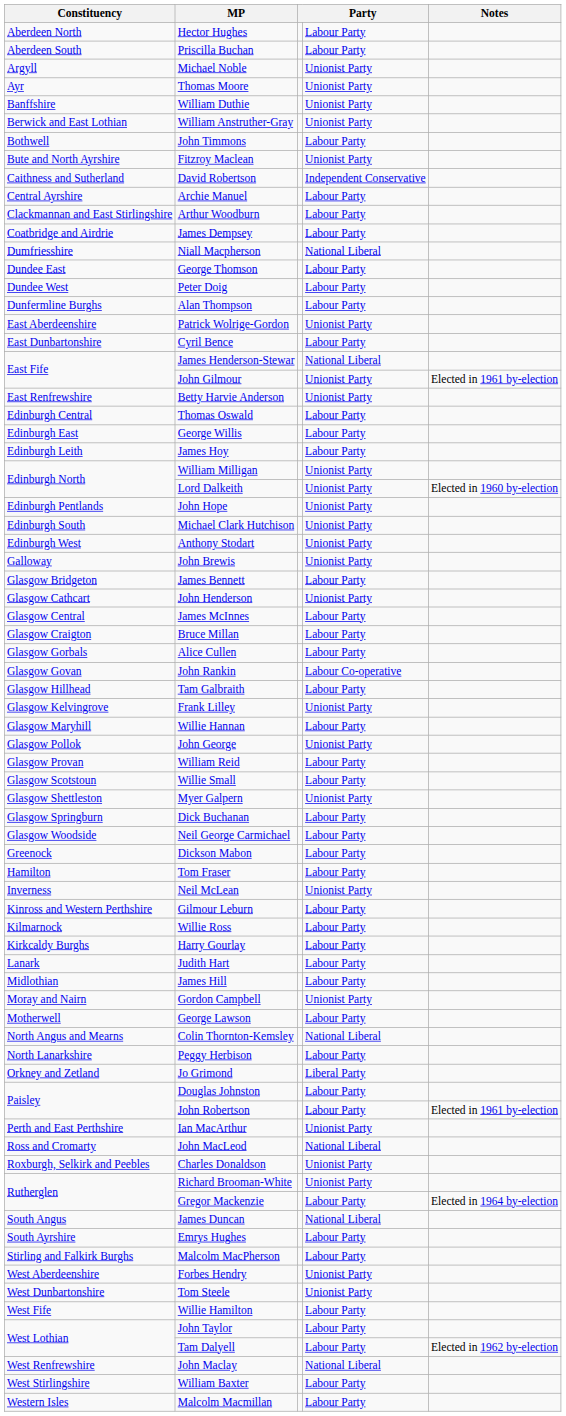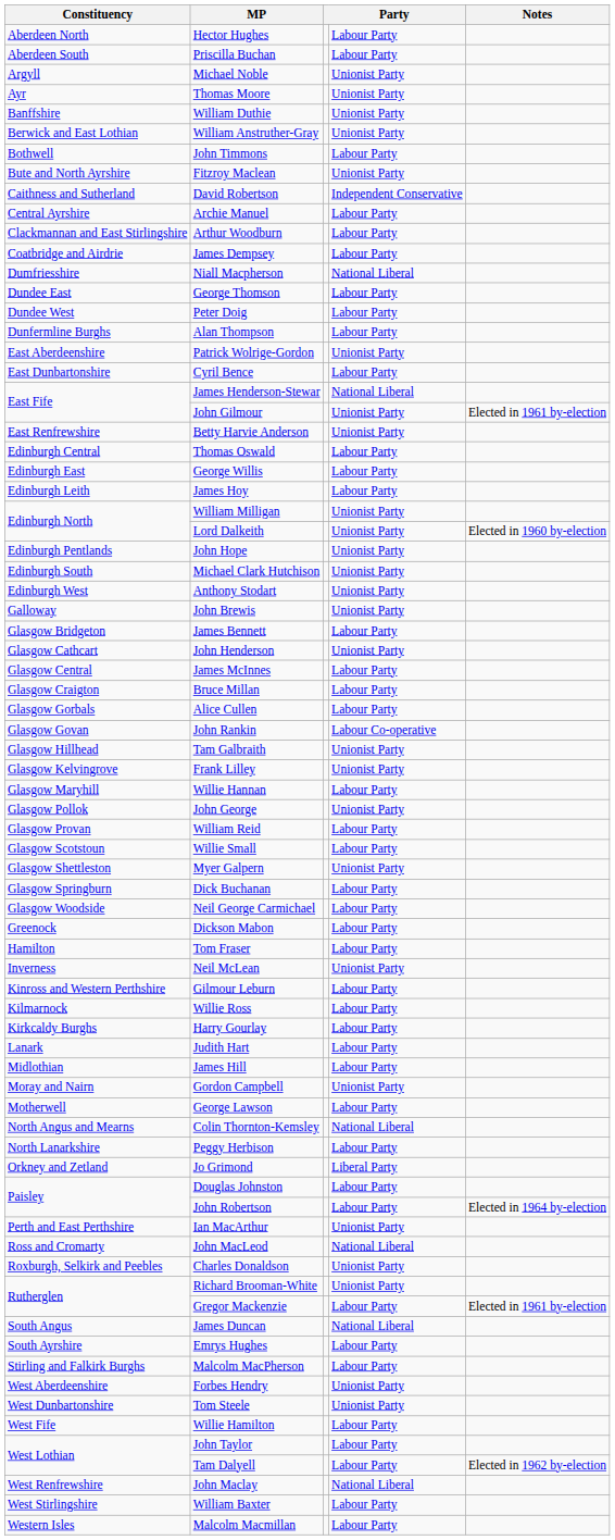 <table class="wikitable sortable">
 <tr>
 <th>Constituency</th>
 <th>MP</th>
 <th colspan="2">Party</th>
 <th>Notes</th>
 </tr>
 <tr>
 <td><a href='#'>Aberdeen North</a></td>
 <td><a href='#'>Hector Hughes</a></td>
 <td style="color:inherit;background:"></td>
 <td><a href='#'>Labour Party</a></td>
 <td></td>
 </tr>
 <tr>
 <td><a href='#'>Aberdeen South</a></td>
 <td><a href='#'>Priscilla Buchan</a></td>
 <td style="color:inherit;background-color: "></td>
 <td><a href='#'>Labour Party</a></td>
 <td></td>
 </tr>
 <tr>
 <td><a href='#'>Argyll</a></td>
 <td><a href='#'>Michael Noble</a></td>
 <td style="color:inherit;background-color: "></td>
 <td><a href='#'>Unionist Party</a></td>
 <td></td>
 </tr>
 <tr>
 <td><a href='#'>Ayr</a></td>
 <td><a href='#'>Thomas Moore</a></td>
 <td style="color:inherit;background-color: "></td>
 <td><a href='#'>Unionist Party</a></td>
 <td></td>
 </tr>
 <tr>
 <td><a href='#'>Banffshire</a></td>
 <td><a href='#'>William Duthie</a></td>
 <td style="color:inherit;background-color: "></td>
 <td><a href='#'>Unionist Party</a></td>
 <td></td>
 </tr>
 <tr>
 <td><a href='#'>Berwick and East Lothian</a></td>
 <td><a href='#'>William Anstruther-Gray</a></td>
 <td style="color:inherit;background-color: "></td>
 <td><a href='#'>Unionist Party</a></td>
 <td></td>
 </tr>
 <tr>
 <td><a href='#'>Bothwell</a></td>
 <td><a href='#'>John Timmons</a></td>
 <td style="color:inherit;background:"></td>
 <td><a href='#'>Labour Party</a></td>
 <td></td>
 </tr>
 <tr>
 <td><a href='#'>Bute and North Ayrshire</a></td>
 <td><a href='#'>Fitzroy Maclean</a></td>
 <td style="color:inherit;background-color: "></td>
 <td><a href='#'>Unionist Party</a></td>
 <td></td>
 </tr>
 <tr>
 <td><a href='#'>Caithness and Sutherland</a></td>
 <td><a href='#'>David Robertson</a></td>
 <td style="color:inherit;background-color: "></td>
 <td><a href='#'>Independent Conservative</a></td>
 <td></td>
 </tr>
 <tr>
 <td><a href='#'>Central Ayrshire</a></td>
 <td><a href='#'>Archie Manuel</a></td>
 <td style="color:inherit;background:"></td>
 <td><a href='#'>Labour Party</a></td>
 <td></td>
 </tr>
 <tr>
 <td><a href='#'>Clackmannan and East Stirlingshire</a></td>
 <td><a href='#'>Arthur Woodburn</a></td>
 <td style="color:inherit;background:"></td>
 <td><a href='#'>Labour Party</a></td>
 <td></td>
 </tr>
 <tr>
 <td><a href='#'>Coatbridge and Airdrie</a></td>
 <td><a href='#'>James Dempsey</a></td>
 <td style="color:inherit;background:"></td>
 <td><a href='#'>Labour Party</a></td>
 <td></td>
 </tr>
 <tr>
 <td><a href='#'>Dumfriesshire</a></td>
 <td><a href='#'>Niall Macpherson</a></td>
 <td style="color:inherit;background-color: "></td>
 <td><a href='#'>National Liberal</a></td>
 </tr>
 <tr>
 <td><a href='#'>Dundee East</a></td>
 <td><a href='#'>George Thomson</a></td>
 <td style="color:inherit;background:"></td>
 <td><a href='#'>Labour Party</a></td>
 <td></td>
 </tr>
 <tr>
 <td><a href='#'>Dundee West</a></td>
 <td><a href='#'>Peter Doig</a></td>
 <td style="color:inherit;background:"></td>
 <td><a href='#'>Labour Party</a></td>
 <td></td>
 </tr>
 <tr>
 <td><a href='#'>Dunfermline Burghs</a></td>
 <td><a href='#'>Alan Thompson</a></td>
 <td style="color:inherit;background:"></td>
 <td><a href='#'>Labour Party</a></td>
 <td></td>
 </tr>
 <tr>
 <td><a href='#'>East Aberdeenshire</a></td>
 <td><a href='#'>Patrick Wolrige-Gordon</a></td>
 <td style="color:inherit;background-color: "></td>
 <td><a href='#'>Unionist Party</a></td>
 </tr>
 <tr>
 <td><a href='#'>East Dunbartonshire</a></td>
 <td><a href='#'>Cyril Bence</a></td>
 <td style="color:inherit;background:"></td>
 <td><a href='#'>Labour Party</a></td>
 <td></td>
 </tr>
 <tr>
 <td rowspan="2"><a href='#'>East Fife</a></td>
 <td><a href='#'>James Henderson-Stewar</a></td>
 <td style="color:inherit;background-color: "></td>
 <td><a href='#'>National Liberal</a></td>
 <td></td>
 </tr>
 <tr>
 <td><a href='#'>John Gilmour</a></td>
 <td style="color:inherit;background-color: "></td>
 <td><a href='#'>Unionist Party</a></td>
 <td>Elected in <a href='#'>1961 by-election</a></td>
 </tr>
 <tr>
 <td><a href='#'>East Renfrewshire</a></td>
 <td><a href='#'>Betty Harvie Anderson</a></td>
 <td style="color:inherit;background-color: "></td>
 <td><a href='#'>Unionist Party</a></td>
 <td></td>
 </tr>
 <tr>
 <td><a href='#'>Edinburgh Central</a></td>
 <td><a href='#'>Thomas Oswald</a></td>
 <td style="color:inherit;background:"></td>
 <td><a href='#'>Labour Party</a></td>
 <td></td>
 </tr>
 <tr>
 <td><a href='#'>Edinburgh East</a></td>
 <td><a href='#'>George Willis</a></td>
 <td style="color:inherit;background:"></td>
 <td><a href='#'>Labour Party</a></td>
 <td></td>
 </tr>
 <tr>
 <td><a href='#'>Edinburgh Leith</a></td>
 <td><a href='#'>James Hoy</a></td>
 <td style="color:inherit;background:"></td>
 <td><a href='#'>Labour Party</a></td>
 <td></td>
 </tr>
 <tr>
 <td rowspan="2"><a href='#'>Edinburgh North</a></td>
 <td><a href='#'>William Milligan</a></td>
 <td style="color:inherit;background-color: "></td>
 <td><a href='#'>Unionist Party</a></td>
 <td></td>
 </tr>
 <tr>
 <td><a href='#'>Lord Dalkeith</a></td>
 <td style="color:inherit;background-color: "></td>
 <td><a href='#'>Unionist Party</a></td>
 <td>Elected in <a href='#'>1960 by-election</a></td>
 </tr>
 <tr>
 <td><a href='#'>Edinburgh Pentlands</a></td>
 <td><a href='#'>John Hope</a></td>
 <td style="color:inherit;background-color: "></td>
 <td><a href='#'>Unionist Party</a></td>
 <td></td>
 </tr>
 <tr>
 <td><a href='#'>Edinburgh South</a></td>
 <td><a href='#'>Michael Clark Hutchison</a></td>
 <td style="color:inherit;background-color: "></td>
 <td><a href='#'>Unionist Party</a></td>
 <td></td>
 </tr>
 <tr>
 <td><a href='#'>Edinburgh West</a></td>
 <td><a href='#'>Anthony Stodart</a></td>
 <td style="color:inherit;background-color: "></td>
 <td><a href='#'>Unionist Party</a></td>
 <td></td>
 </tr>
 <tr>
 <td><a href='#'>Galloway</a></td>
 <td><a href='#'>John Brewis</a></td>
 <td style="color:inherit;background-color: "></td>
 <td><a href='#'>Unionist Party</a></td>
 <td></td>
 </tr>
 <tr>
 <td><a href='#'>Glasgow Bridgeton</a></td>
 <td><a href='#'>James Bennett</a></td>
 <td style="color:inherit;background:"></td>
 <td><a href='#'>Labour Party</a></td>
 <td></td>
 </tr>
 <tr>
 <td><a href='#'>Glasgow Cathcart</a></td>
 <td><a href='#'>John Henderson</a></td>
 <td style="color:inherit;background-color: "></td>
 <td><a href='#'>Unionist Party</a></td>
 <td></td>
 </tr>
 <tr>
 <td><a href='#'>Glasgow Central</a></td>
 <td><a href='#'>James McInnes</a></td>
 <td style="color:inherit;background:"></td>
 <td><a href='#'>Labour Party</a></td>
 <td></td>
 </tr>
 <tr>
 <td><a href='#'>Glasgow Craigton</a></td>
 <td><a href='#'>Bruce Millan</a></td>
 <td style="color:inherit;background:"></td>
 <td><a href='#'>Labour Party</a></td>
 <td></td>
 </tr>
 <tr>
 <td><a href='#'>Glasgow Gorbals</a></td>
 <td><a href='#'>Alice Cullen</a></td>
 <td style="color:inherit;background:"></td>
 <td><a href='#'>Labour Party</a></td>
 <td></td>
 </tr>
 <tr>
 <td><a href='#'>Glasgow Govan</a></td>
 <td><a href='#'>John Rankin</a></td>
 <td style="color:inherit;background:"></td>
 <td><a href='#'>Labour Co-operative</a></td>
 <td></td>
 </tr>
 <tr>
 <td><a href='#'>Glasgow Hillhead</a></td>
 <td><a href='#'>Tam Galbraith</a></td>
 <td style="color:inherit;background-color: "></td>
-<td><a href='#'>Labour Party</a></td>
+<td><a href='#'>Unionist Party</a></td>
 <td></td>
 </tr>
 <tr>
 <td><a href='#'>Glasgow Kelvingrove</a></td>
 <td><a href='#'>Frank Lilley</a></td>
 <td style="color:inherit;background-color: "></td>
 <td><a href='#'>Unionist Party</a></td>
 <td></td>
 </tr>
 <tr>
 <td><a href='#'>Glasgow Maryhill</a></td>
 <td><a href='#'>Willie Hannan</a></td>
 <td style="color:inherit;background:"></td>
 <td><a href='#'>Labour Party</a></td>
 <td></td>
 </tr>
 <tr>
 <td><a href='#'>Glasgow Pollok</a></td>
 <td><a href='#'>John George</a></td>
 <td style="color:inherit;background-color: "></td>
 <td><a href='#'>Unionist Party</a></td>
 </tr>
 <tr>
 <td><a href='#'>Glasgow Provan</a></td>
 <td><a href='#'>William Reid</a></td>
 <td style="color:inherit;background:"></td>
 <td><a href='#'>Labour Party</a></td>
 <td></td>
 </tr>
 <tr>
 <td><a href='#'>Glasgow Scotstoun</a></td>
 <td><a href='#'>Willie Small</a></td>
 <td style="color:inherit;background:"></td>
 <td><a href='#'>Labour Party</a></td>
 <td></td>
 </tr>
 <tr>
 <td><a href='#'>Glasgow Shettleston</a></td>
 <td><a href='#'>Myer Galpern</a></td>
 <td style="color:inherit;background:"></td>
 <td><a href='#'>Unionist Party</a></td>
 <td></td>
 </tr>
 <tr>
 <td><a href='#'>Glasgow Springburn</a></td>
 <td><a href='#'>Dick Buchanan</a></td>
 <td style="color:inherit;background:"></td>
 <td><a href='#'>Labour Party</a></td>
 <td></td>
 </tr>
 <tr>
 <td><a href='#'>Glasgow Woodside</a></td>
 <td><a href='#'>Neil George Carmichael</a></td>
 <td style="color:inherit;background:"></td>
 <td><a href='#'>Labour Party</a></td>
 <td></td>
 </tr>
 <tr>
 <td><a href='#'>Greenock</a></td>
 <td><a href='#'>Dickson Mabon</a></td>
 <td style="color:inherit;background:"></td>
 <td><a href='#'>Labour Party</a></td>
 <td></td>
 </tr>
 <tr>
 <td><a href='#'>Hamilton</a></td>
 <td><a href='#'>Tom Fraser</a></td>
 <td style="color:inherit;background:"></td>
 <td><a href='#'>Labour Party</a></td>
 <td></td>
 </tr>
 <tr>
 <td><a href='#'>Inverness</a></td>
 <td><a href='#'>Neil McLean</a></td>
 <td style="color:inherit;background-color: "></td>
 <td><a href='#'>Unionist Party</a></td>
 </tr>
 <tr>
 <td><a href='#'>Kinross and Western Perthshire</a></td>
 <td><a href='#'>Gilmour Leburn</a></td>
 <td style="color:inherit;background-color: "></td>
 <td><a href='#'>Labour Party</a></td>
 <td></td>
 </tr>
 <tr>
 <td><a href='#'>Kilmarnock</a></td>
 <td><a href='#'>Willie Ross</a></td>
 <td style="color:inherit;background:"></td>
 <td><a href='#'>Labour Party</a></td>
 <td></td>
 </tr>
 <tr>
 <td><a href='#'>Kirkcaldy Burghs</a></td>
 <td><a href='#'>Harry Gourlay</a></td>
 <td style="color:inherit;background:"></td>
 <td><a href='#'>Labour Party</a></td>
 <td></td>
 </tr>
 <tr>
 <td><a href='#'>Lanark</a></td>
 <td><a href='#'>Judith Hart</a></td>
 <td style="color:inherit;background:"></td>
 <td><a href='#'>Labour Party</a></td>
 <td></td>
 </tr>
 <tr>
 <td><a href='#'>Midlothian</a></td>
 <td><a href='#'>James Hill</a></td>
 <td style="color:inherit;background:"></td>
 <td><a href='#'>Labour Party</a></td>
 <td></td>
 </tr>
 <tr>
 <td><a href='#'>Moray and Nairn</a></td>
 <td><a href='#'>Gordon Campbell</a></td>
 <td style="color:inherit;background-color: "></td>
 <td><a href='#'>Unionist Party</a></td>
 <td></td>
 </tr>
 <tr>
 <td><a href='#'>Motherwell</a></td>
 <td><a href='#'>George Lawson</a></td>
 <td style="color:inherit;background:"></td>
 <td><a href='#'>Labour Party</a></td>
 <td></td>
 </tr>
 <tr>
 <td><a href='#'>North Angus and Mearns</a></td>
 <td><a href='#'>Colin Thornton-Kemsley</a></td>
 <td style="color:inherit;background-color: "></td>
 <td><a href='#'>National Liberal</a></td>
 <td></td>
 </tr>
 <tr>
 <td><a href='#'>North Lanarkshire</a></td>
 <td><a href='#'>Peggy Herbison</a></td>
 <td style="color:inherit;background:"></td>
 <td><a href='#'>Labour Party</a></td>
 <td></td>
 </tr>
 <tr>
 <td><a href='#'>Orkney and Zetland</a></td>
 <td><a href='#'>Jo Grimond</a></td>
 <td style="background-color: "></td>
 <td><a href='#'>Liberal Party</a></td>
 <td></td>
 </tr>
 <tr>
 <td rowspan="2"><a href='#'>Paisley</a></td>
 <td><a href='#'>Douglas Johnston</a></td>
 <td style="color:inherit;background:"></td>
 <td><a href='#'>Labour Party</a></td>
 <td></td>
 </tr>
 <tr>
 <td><a href='#'>John Robertson</a></td>
 <td style="color:inherit;background:"></td>
 <td><a href='#'>Labour Party</a></td>
-<td>Elected in <a href='#'>1961 by-election</a></td>
+<td>Elected in <a href='#'>1964 by-election</a></td>
 </tr>
 <tr>
 <td><a href='#'>Perth and East Perthshire</a></td>
 <td><a href='#'>Ian MacArthur</a></td>
 <td style="color:inherit;background-color: "></td>
 <td><a href='#'>Unionist Party</a></td>
 <td></td>
 </tr>
 <tr>
 <td><a href='#'>Ross and Cromarty</a></td>
 <td><a href='#'>John MacLeod</a></td>
 <td style="color:inherit;background-color: "></td>
 <td><a href='#'>National Liberal</a></td>
 </tr>
 <tr>
 <td><a href='#'>Roxburgh, Selkirk and Peebles</a></td>
 <td><a href='#'>Charles Donaldson</a></td>
 <td style="color:inherit;background-color: "></td>
 <td><a href='#'>Unionist Party</a></td>
 <td></td>
 </tr>
 <tr>
 <td rowspan="2"><a href='#'>Rutherglen</a></td>
 <td><a href='#'>Richard Brooman-White</a></td>
 <td style="color:inherit;background-color: "></td>
 <td><a href='#'>Unionist Party</a></td>
 <td></td>
 </tr>
 <tr>
 <td><a href='#'>Gregor Mackenzie</a></td>
 <td style="color:inherit;background:"></td>
 <td><a href='#'>Labour Party</a></td>
-<td>Elected in <a href='#'>1964 by-election</a></td>
+<td>Elected in <a href='#'>1961 by-election</a></td>
 </tr>
 <tr>
 <td><a href='#'>South Angus</a></td>
 <td><a href='#'>James Duncan</a></td>
 <td style="color:inherit;background-color: "></td>
 <td><a href='#'>National Liberal</a></td>
 </tr>
 <tr>
 <td><a href='#'>South Ayrshire</a></td>
 <td><a href='#'>Emrys Hughes</a></td>
 <td style="color:inherit;background:"></td>
 <td><a href='#'>Labour Party</a></td>
 <td></td>
 </tr>
 <tr>
 <td><a href='#'>Stirling and Falkirk Burghs</a></td>
 <td><a href='#'>Malcolm MacPherson</a></td>
 <td style="color:inherit;background:"></td>
 <td><a href='#'>Labour Party</a></td>
 <td></td>
 </tr>
 <tr>
 <td><a href='#'>West Aberdeenshire</a></td>
 <td><a href='#'>Forbes Hendry</a></td>
 <td style="color:inherit;background-color: "></td>
 <td><a href='#'>Unionist Party</a></td>
 <td></td>
 </tr>
 <tr>
 <td><a href='#'>West Dunbartonshire</a></td>
 <td><a href='#'>Tom Steele</a></td>
 <td style="color:inherit;background:"></td>
 <td><a href='#'>Unionist Party</a></td>
 <td></td>
 </tr>
 <tr>
 <td><a href='#'>West Fife</a></td>
 <td><a href='#'>Willie Hamilton</a></td>
 <td style="color:inherit;background:"></td>
 <td><a href='#'>Labour Party</a></td>
 <td></td>
 </tr>
 <tr>
 <td rowspan="2"><a href='#'>West Lothian</a></td>
 <td><a href='#'>John Taylor</a></td>
 <td style="color:inherit;background:"></td>
 <td><a href='#'>Labour Party</a></td>
 <td></td>
 </tr>
 <tr>
 <td><a href='#'>Tam Dalyell</a></td>
 <td style="color:inherit;background:"></td>
 <td><a href='#'>Labour Party</a></td>
 <td>Elected in <a href='#'>1962 by-election</a></td>
 </tr>
 <tr>
 <td><a href='#'>West Renfrewshire</a></td>
 <td><a href='#'>John Maclay</a></td>
 <td style="color:inherit;background-color: "></td>
 <td><a href='#'>National Liberal</a></td>
 </tr>
 <tr>
 <td><a href='#'>West Stirlingshire</a></td>
 <td><a href='#'>William Baxter</a></td>
 <td style="color:inherit;background:"></td>
 <td><a href='#'>Labour Party</a></td>
 <td></td>
 </tr>
 <tr>
 <td><a href='#'>Western Isles</a></td>
 <td><a href='#'>Malcolm Macmillan</a></td>
 <td style="color:inherit;background:"></td>
 <td><a href='#'>Labour Party</a></td>
 <td></td>
 </tr>
 </table>
